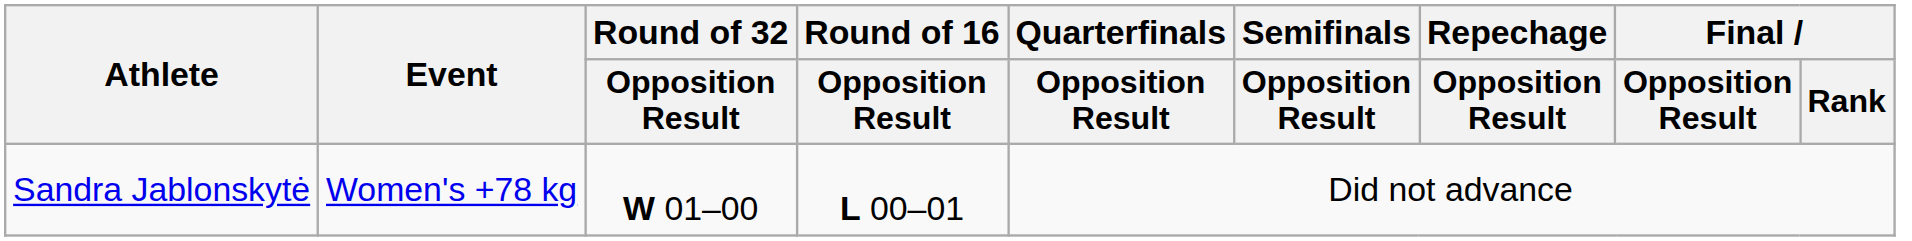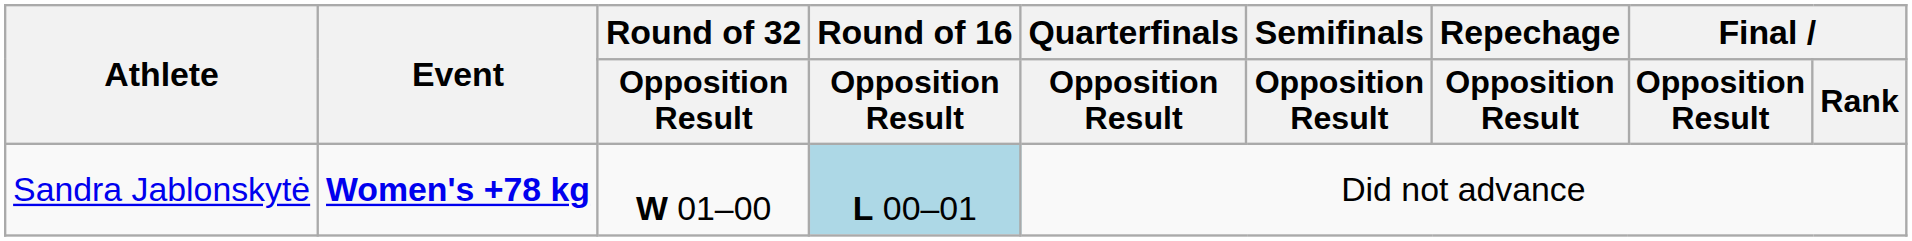 <table class="wikitable" style="font-size:90%">
 <tr>
 <th rowspan="2">Athlete</th>
 <th rowspan="2">Event</th>
 <th>Round of 32</th>
 <th>Round of 16</th>
 <th>Quarterfinals</th>
 <th>Semifinals</th>
 <th>Repechage</th>
 <th colspan=2>Final / </th>
 </tr>
 <tr style="font-size:95%">
 <th>Opposition<br>Result</th>
 <th>Opposition<br>Result</th>
 <th>Opposition<br>Result</th>
 <th>Opposition<br>Result</th>
 <th>Opposition<br>Result</th>
 <th>Opposition<br>Result</th>
 <th>Rank</th>
 </tr>
 <tr align=center>
 <td align=left><a href='#'>Sandra Jablonskytė</a></td>
-<td align=left><a href='#'>Women's +78 kg</a></td>
+<td align=left><strong><a href='#'>Women's +78 kg</a></strong></td>
 <td><br><strong>W</strong> 01–00</td>
-<td><br><strong>L</strong> 00–01</td>
+<td style="background: lightblue;"><br><strong>L</strong> 00–01</td>
 <td colspan=5>Did not advance</td>
 </tr>
 </table>
